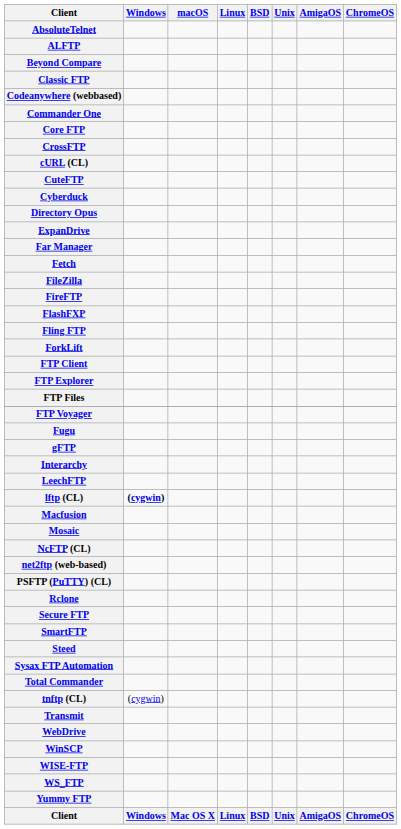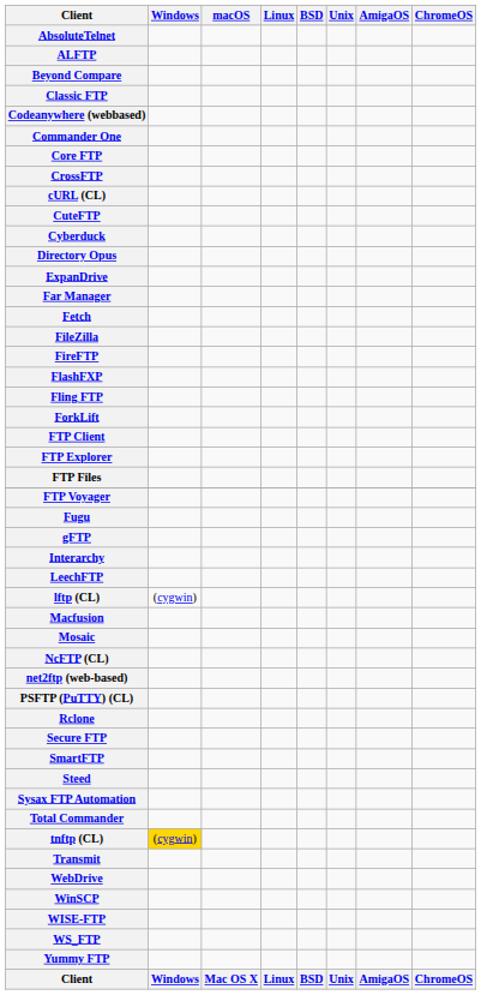 <table class="wikitable sortable" style="width: auto; table-layout: fixed; font-size: smaller; text-align: center;">
 <tr style="background: #ececec">
 <th>Client</th>
 <th><a href='#'>Windows</a></th>
 <th><a href='#'>macOS</a></th>
 <th><a href='#'>Linux</a></th>
 <th><a href='#'>BSD</a></th>
 <th><a href='#'>Unix</a></th>
 <th><a href='#'>AmigaOS</a></th>
 <th><a href='#'>ChromeOS</a></th>
 </tr>
 <tr>
 <th><a href='#'>AbsoluteTelnet</a></th>
 <td></td>
 <td></td>
 <td></td>
 <td></td>
 <td></td>
 <td></td>
 <td></td>
 </tr>
 <tr>
 <th><a href='#'>ALFTP</a></th>
 <td></td>
 <td></td>
 <td></td>
 <td></td>
 <td></td>
 <td></td>
 <td></td>
 </tr>
 <tr>
 <th><a href='#'>Beyond Compare</a></th>
 <td></td>
 <td></td>
 <td></td>
 <td></td>
 <td></td>
 <td></td>
 <td></td>
 </tr>
 <tr>
 <th><a href='#'>Classic FTP</a></th>
 <td></td>
 <td></td>
 <td></td>
 <td></td>
 <td></td>
 <td></td>
 <td></td>
 </tr>
 <tr>
 <th><a href='#'>Codeanywhere</a> (webbased)</th>
 <td></td>
 <td></td>
 <td></td>
 <td></td>
 <td></td>
 <td></td>
 <td></td>
 </tr>
 <tr>
 <th><a href='#'>Commander One</a></th>
 <td></td>
 <td></td>
 <td></td>
 <td></td>
 <td></td>
 <td></td>
 <td></td>
 </tr>
 <tr>
 <th><a href='#'>Core FTP</a></th>
 <td></td>
 <td></td>
 <td></td>
 <td></td>
 <td></td>
 <td></td>
 <td></td>
 </tr>
 <tr>
 <th><a href='#'>CrossFTP</a></th>
 <td></td>
 <td></td>
 <td></td>
 <td></td>
 <td></td>
 <td></td>
 <td></td>
 </tr>
 <tr>
 <th><a href='#'>cURL</a> (CL)</th>
 <td></td>
 <td></td>
 <td></td>
 <td></td>
 <td></td>
 <td></td>
 <td></td>
 </tr>
 <tr>
 <th><a href='#'>CuteFTP</a></th>
 <td></td>
 <td></td>
 <td></td>
 <td></td>
 <td></td>
 <td></td>
 <td></td>
 </tr>
 <tr>
 <th><a href='#'>Cyberduck</a></th>
 <td></td>
 <td></td>
 <td></td>
 <td></td>
 <td></td>
 <td></td>
 <td></td>
 </tr>
 <tr>
 <th><a href='#'>Directory Opus</a></th>
 <td></td>
 <td></td>
 <td></td>
 <td></td>
 <td></td>
 <td></td>
 <td></td>
 </tr>
 <tr>
 <th><a href='#'>ExpanDrive</a></th>
 <td></td>
 <td></td>
 <td></td>
 <td></td>
 <td></td>
 <td></td>
 <td></td>
 </tr>
 <tr>
 <th><a href='#'>Far Manager</a></th>
 <td></td>
 <td></td>
 <td></td>
 <td></td>
 <td></td>
 <td></td>
 <td></td>
 </tr>
 <tr>
 <th><a href='#'>Fetch</a></th>
 <td></td>
 <td></td>
 <td></td>
 <td></td>
 <td></td>
 <td></td>
 <td></td>
 </tr>
 <tr>
 <th><a href='#'>FileZilla</a></th>
 <td></td>
 <td></td>
 <td></td>
 <td></td>
 <td></td>
 <td></td>
 <td></td>
 </tr>
 <tr>
 <th><a href='#'>FireFTP</a></th>
 <td></td>
 <td></td>
 <td></td>
 <td></td>
 <td></td>
 <td></td>
 <td></td>
 </tr>
 <tr>
 <th><a href='#'>FlashFXP</a></th>
 <td></td>
 <td></td>
 <td></td>
 <td></td>
 <td></td>
 <td></td>
 <td></td>
 </tr>
 <tr>
 <th><a href='#'>Fling FTP</a></th>
 <td></td>
 <td></td>
 <td></td>
 <td></td>
 <td></td>
 <td></td>
 <td></td>
 </tr>
 <tr>
 <th><a href='#'>ForkLift</a></th>
 <td></td>
 <td></td>
 <td></td>
 <td></td>
 <td></td>
 <td></td>
 <td></td>
 </tr>
 <tr>
 <th><a href='#'>FTP Client</a></th>
 <td></td>
 <td></td>
 <td></td>
 <td></td>
 <td></td>
 <td></td>
 <td></td>
 </tr>
 <tr>
 <th><a href='#'>FTP Explorer</a></th>
 <td></td>
 <td></td>
 <td></td>
 <td></td>
 <td></td>
 <td></td>
 <td></td>
 </tr>
 <tr>
 <th>FTP Files</th>
 <td></td>
 <td></td>
 <td></td>
 <td></td>
 <td></td>
 <td></td>
 <td></td>
 </tr>
 <tr>
 </tr>
 <tr>
 <th><a href='#'>FTP Voyager</a></th>
 <td></td>
 <td></td>
 <td></td>
 <td></td>
 <td></td>
 <td></td>
 <td></td>
 </tr>
 <tr>
 <th><a href='#'>Fugu</a></th>
 <td></td>
 <td></td>
 <td></td>
 <td></td>
 <td></td>
 <td></td>
 <td></td>
 </tr>
 <tr>
 <th><a href='#'>gFTP</a></th>
 <td></td>
 <td></td>
 <td></td>
 <td></td>
 <td></td>
 <td></td>
 <td></td>
 </tr>
 <tr>
 <th><a href='#'>Interarchy</a></th>
 <td></td>
 <td></td>
 <td></td>
 <td></td>
 <td></td>
 <td></td>
 <td></td>
 </tr>
 <tr>
 <th><a href='#'>LeechFTP</a></th>
 <td></td>
 <td></td>
 <td></td>
 <td></td>
 <td></td>
 <td></td>
 <td></td>
 </tr>
 <tr>
 <th><a href='#'>lftp</a> (CL)</th>
-<td><strong> (<a href='#'>cygwin</a>)</strong></td>
+<td> (<a href='#'>cygwin</a>)</td>
 <td></td>
 <td></td>
 <td></td>
 <td></td>
 <td></td>
 <td></td>
 </tr>
 <tr>
 <th><a href='#'>Macfusion</a></th>
 <td></td>
 <td></td>
 <td></td>
 <td></td>
 <td></td>
 <td></td>
 <td></td>
 </tr>
 <tr>
 <th><a href='#'>Mosaic</a></th>
 <td></td>
 <td></td>
 <td></td>
 <td></td>
 <td></td>
 <td></td>
 <td></td>
 </tr>
 <tr>
 <th><a href='#'>NcFTP</a> (CL)</th>
 <td></td>
 <td></td>
 <td></td>
 <td></td>
 <td></td>
 <td></td>
 <td></td>
 </tr>
 <tr>
 <th><a href='#'>net2ftp</a> (web-based)</th>
 <td></td>
 <td></td>
 <td></td>
 <td></td>
 <td></td>
 <td></td>
 <td></td>
 </tr>
 <tr>
 <th>PSFTP (<a href='#'>PuTTY</a>) (CL)</th>
 <td></td>
 <td></td>
 <td></td>
 <td></td>
 <td></td>
 <td></td>
 <td></td>
 </tr>
 <tr>
 <th><a href='#'>Rclone</a></th>
 <td></td>
 <td></td>
 <td></td>
 <td></td>
 <td></td>
 <td></td>
 <td></td>
 </tr>
 <tr>
 <th><a href='#'>Secure FTP</a></th>
 <td></td>
 <td></td>
 <td></td>
 <td></td>
 <td></td>
 <td></td>
 <td></td>
 </tr>
 <tr>
 <th><a href='#'>SmartFTP</a></th>
 <td></td>
 <td></td>
 <td></td>
 <td></td>
 <td></td>
 <td></td>
 <td></td>
 </tr>
 <tr>
 <th><a href='#'>Steed</a></th>
 <td></td>
 <td></td>
 <td></td>
 <td></td>
 <td></td>
 <td></td>
 <td></td>
 </tr>
 <tr>
 <th><a href='#'>Sysax FTP Automation</a></th>
 <td></td>
 <td></td>
 <td></td>
 <td></td>
 <td></td>
 <td></td>
 <td></td>
 </tr>
 <tr>
 <th><a href='#'>Total Commander</a></th>
 <td></td>
 <td></td>
 <td></td>
 <td></td>
 <td></td>
 <td></td>
 <td></td>
 </tr>
 <tr>
 <th><a href='#'>tnftp</a> (CL)</th>
-<td> (<a href='#'>cygwin</a>)</td>
+<td style="background: gold;"> (<a href='#'>cygwin</a>)</td>
 <td></td>
 <td></td>
 <td></td>
 <td></td>
 <td></td>
 <td></td>
 </tr>
 <tr>
 <th><a href='#'>Transmit</a></th>
 <td></td>
 <td></td>
 <td></td>
 <td></td>
 <td></td>
 <td></td>
 <td></td>
 </tr>
 <tr>
 <th><a href='#'>WebDrive</a></th>
 <td></td>
 <td></td>
 <td></td>
 <td></td>
 <td></td>
 <td></td>
 <td></td>
 </tr>
 <tr>
 <th><a href='#'>WinSCP</a></th>
 <td></td>
 <td></td>
 <td></td>
 <td></td>
 <td></td>
 <td></td>
 <td></td>
 </tr>
 <tr>
 <th><a href='#'>WISE-FTP</a></th>
 <td></td>
 <td></td>
 <td></td>
 <td></td>
 <td></td>
 <td></td>
 <td></td>
 </tr>
 <tr>
 <th><a href='#'>WS_FTP</a></th>
 <td></td>
 <td></td>
 <td></td>
 <td></td>
 <td></td>
 <td></td>
 <td></td>
 </tr>
 <tr>
 <th><a href='#'>Yummy FTP</a></th>
 <td></td>
 <td></td>
 <td></td>
 <td></td>
 <td></td>
 <td></td>
 <td></td>
 </tr>
 <tr class="sortbottom">
 <th>Client</th>
 <th><a href='#'>Windows</a></th>
 <th><a href='#'>Mac OS X</a></th>
 <th><a href='#'>Linux</a></th>
 <th><a href='#'>BSD</a></th>
 <th><a href='#'>Unix</a></th>
 <th><a href='#'>AmigaOS</a></th>
 <th><a href='#'>ChromeOS</a></th>
 </tr>
 </table>
